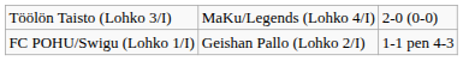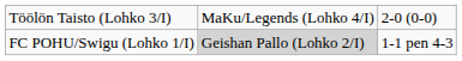 <table class="wikitable">
 <tr>
 <td>Töölön Taisto (Lohko 3/I)</td>
 <td>MaKu/Legends (Lohko 4/I)</td>
 <td>2-0 (0-0)</td>
 </tr>
 <tr>
 <td>FC POHU/Swigu (Lohko 1/I)</td>
-<td>Geishan Pallo (Lohko 2/I)</td>
+<td style="background: lightgrey;">Geishan Pallo (Lohko 2/I)</td>
 <td>1-1 pen 4-3</td>
 </tr>
 </table>
